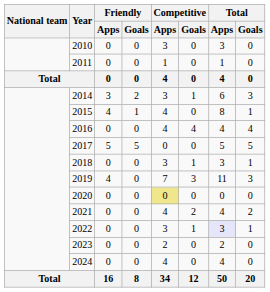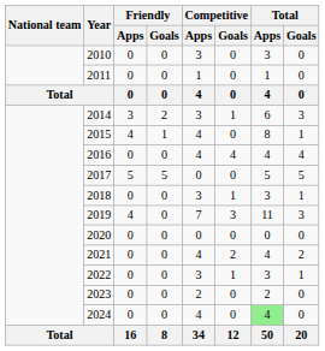 <table class="wikitable" style="text-align:center; font-size:90%;">
 <tr>
 <th rowspan="2">National team</th>
 <th rowspan="2">Year</th>
 <th colspan="2">Friendly</th>
 <th colspan="2">Competitive</th>
 <th colspan="3">Total</th>
 </tr>
 <tr>
 <th>Apps</th>
 <th>Goals</th>
 <th>Apps</th>
 <th>Goals</th>
 <th>Apps</th>
 <th>Goals</th>
 </tr>
 <tr>
 <td rowspan="2" align="left"></td>
 <td>2010</td>
 <td>0</td>
 <td>0</td>
 <td>3</td>
 <td>0</td>
 <td>3</td>
 <td>0</td>
 </tr>
 <tr>
 <td>2011</td>
 <td>0</td>
 <td>0</td>
 <td>1</td>
 <td>0</td>
 <td>1</td>
 <td>0</td>
 </tr>
 <tr>
 <th colspan="2">Total</th>
 <th>0</th>
 <th>0</th>
 <th>4</th>
 <th>0</th>
 <th>4</th>
 <th>0</th>
 </tr>
 <tr>
 <td rowspan="11" align="left"></td>
 <td>2014</td>
 <td>3</td>
 <td>2</td>
 <td>3</td>
 <td>1</td>
 <td>6</td>
 <td>3</td>
 </tr>
 <tr>
 <td>2015</td>
 <td>4</td>
 <td>1</td>
 <td>4</td>
 <td>0</td>
 <td>8</td>
 <td>1</td>
 </tr>
 <tr>
 <td>2016</td>
 <td>0</td>
 <td>0</td>
 <td>4</td>
 <td>4</td>
 <td>4</td>
 <td>4</td>
 </tr>
 <tr>
 <td>2017</td>
 <td>5</td>
 <td>5</td>
 <td>0</td>
 <td>0</td>
 <td>5</td>
 <td>5</td>
 </tr>
 <tr>
 <td>2018</td>
 <td>0</td>
 <td>0</td>
 <td>3</td>
 <td>1</td>
 <td>3</td>
 <td>1</td>
 </tr>
 <tr>
 <td>2019</td>
 <td>4</td>
 <td>0</td>
 <td>7</td>
 <td>3</td>
 <td>11</td>
 <td>3</td>
 </tr>
 <tr>
 <td>2020</td>
 <td>0</td>
 <td>0</td>
-<td style="background: khaki;">0</td>
+<td>0</td>
 <td>0</td>
 <td>0</td>
 <td>0</td>
 </tr>
 <tr>
 <td>2021</td>
 <td>0</td>
 <td>0</td>
 <td>4</td>
 <td>2</td>
 <td>4</td>
 <td>2</td>
 </tr>
 <tr>
 <td>2022</td>
 <td>0</td>
 <td>0</td>
 <td>3</td>
 <td>1</td>
-<td style="background: lavender;">3</td>
+<td>3</td>
 <td>1</td>
 </tr>
 <tr>
 <td>2023</td>
 <td>0</td>
 <td>0</td>
 <td>2</td>
 <td>0</td>
 <td>2</td>
 <td>0</td>
 </tr>
 <tr>
 <td>2024</td>
 <td>0</td>
 <td>0</td>
 <td>4</td>
 <td>0</td>
-<td>4</td>
+<td style="background: lightgreen;">4</td>
 <td>0</td>
 </tr>
 <tr>
 <th colspan="2">Total</th>
 <th>16</th>
 <th>8</th>
 <th>34</th>
 <th>12</th>
 <th>50</th>
 <th>20</th>
 </tr>
 </table>
